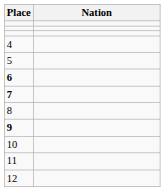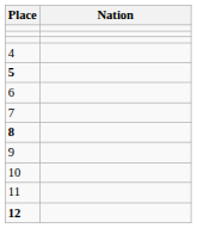 <table class=wikitable style=text-align:left>
 <tr>
 <th width=35>Place</th>
 <th width=185>Nation</th>
 </tr>
 <tr>
 <td></td>
 <td style=text-align:left></td>
 </tr>
 <tr>
 <td></td>
 <td style=text-align:left></td>
 </tr>
 <tr>
 <td></td>
 <td style=text-align:left></td>
 </tr>
 <tr>
 <td style=text-align:left>4</td>
 <td></td>
 </tr>
 <tr>
-<td style=text-align:left>5</td>
+<td style=text-align:left><strong>5</strong></td>
 <td></td>
 </tr>
 <tr>
-<td style=text-align:left><strong>6</strong></td>
+<td style=text-align:left>6</td>
 <td></td>
 </tr>
 <tr>
-<td style=text-align:left><strong>7</strong></td>
+<td style=text-align:left>7</td>
 <td></td>
 </tr>
 <tr>
-<td style=text-align:left>8</td>
+<td style=text-align:left><strong>8</strong></td>
 <td></td>
 </tr>
 <tr>
-<td style=text-align:left><strong>9</strong></td>
+<td style=text-align:left>9</td>
 <td></td>
 </tr>
 <tr>
 <td style=text-align:left>10</td>
 <td></td>
 </tr>
 <tr>
 <td style=text-align:left>11</td>
 <td></td>
 </tr>
 <tr>
-<td style=text-align:left>12</td>
+<td style=text-align:left><strong>12</strong></td>
 <td></td>
 </tr>
 </table>
